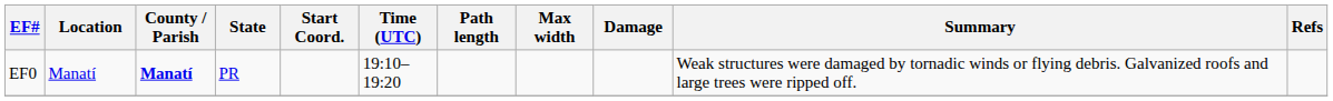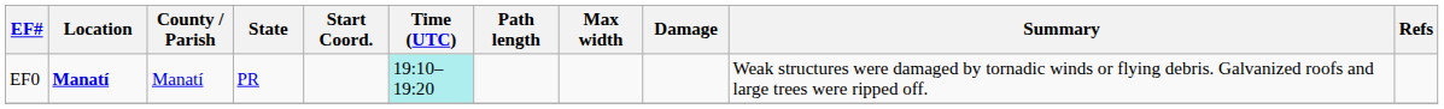 <table class="wikitable sortable" style="width:100%;">
 <tr>
 <th scope="col"  style="width:3%; text-align:center;"><a href='#'>EF#</a></th>
 <th scope="col"  style="width:7%; text-align:center;" class="unsortable">Location</th>
 <th scope="col"  style="width:6%; text-align:center;" class="unsortable">County / Parish</th>
 <th scope="col"  style="width:5%; text-align:center;">State</th>
 <th scope="col"  style="width:6%; text-align:center;">Start Coord.</th>
 <th scope="col"  style="width:6%; text-align:center;">Time (<a href='#'>UTC</a>)</th>
 <th scope="col"  style="width:6%; text-align:center;">Path length</th>
 <th scope="col"  style="width:6%; text-align:center;">Max width</th>
 <th scope="col"  style="width:6%; text-align:center;">Damage</th>
 <th scope="col" class="unsortable" style="width:48%; text-align:center;">Summary</th>
 <th scope="col" class="unsortable" style="width:48%; text-align:center;">Refs</th>
 </tr>
 <tr>
 <td>EF0</td>
+<td><strong><a href='#'>Manatí</a></strong></td>
 <td><a href='#'>Manatí</a></td>
-<td><strong><a href='#'>Manatí</a></strong></td>
 <td><a href='#'>PR</a></td>
 <td></td>
-<td>19:10–19:20</td>
+<td style="background: paleturquoise;">19:10–19:20</td>
 <td></td>
 <td></td>
 <td></td>
 <td>Weak structures were damaged by tornadic winds or flying debris. Galvanized roofs and large trees were ripped off.</td>
 <td></td>
 </tr>
 <tr>
 </tr>
 </table>
